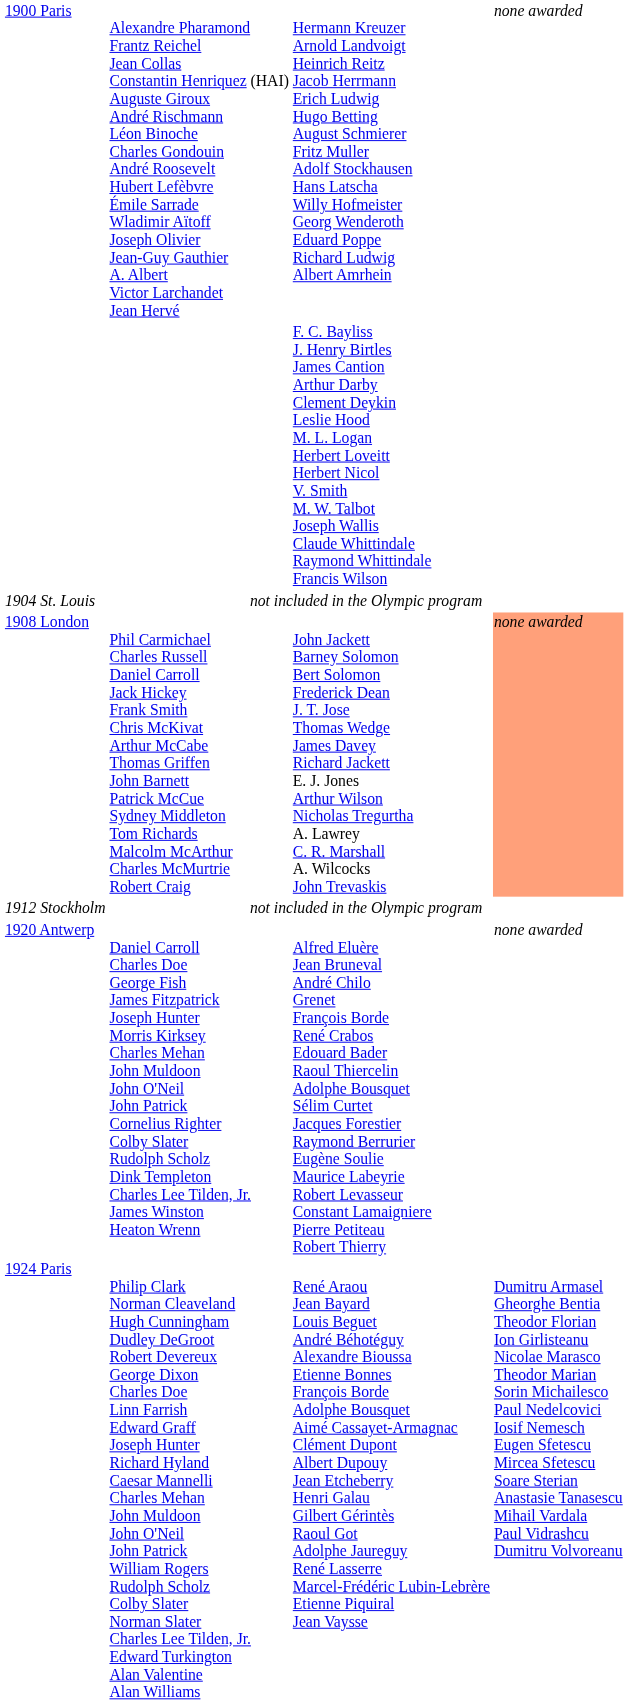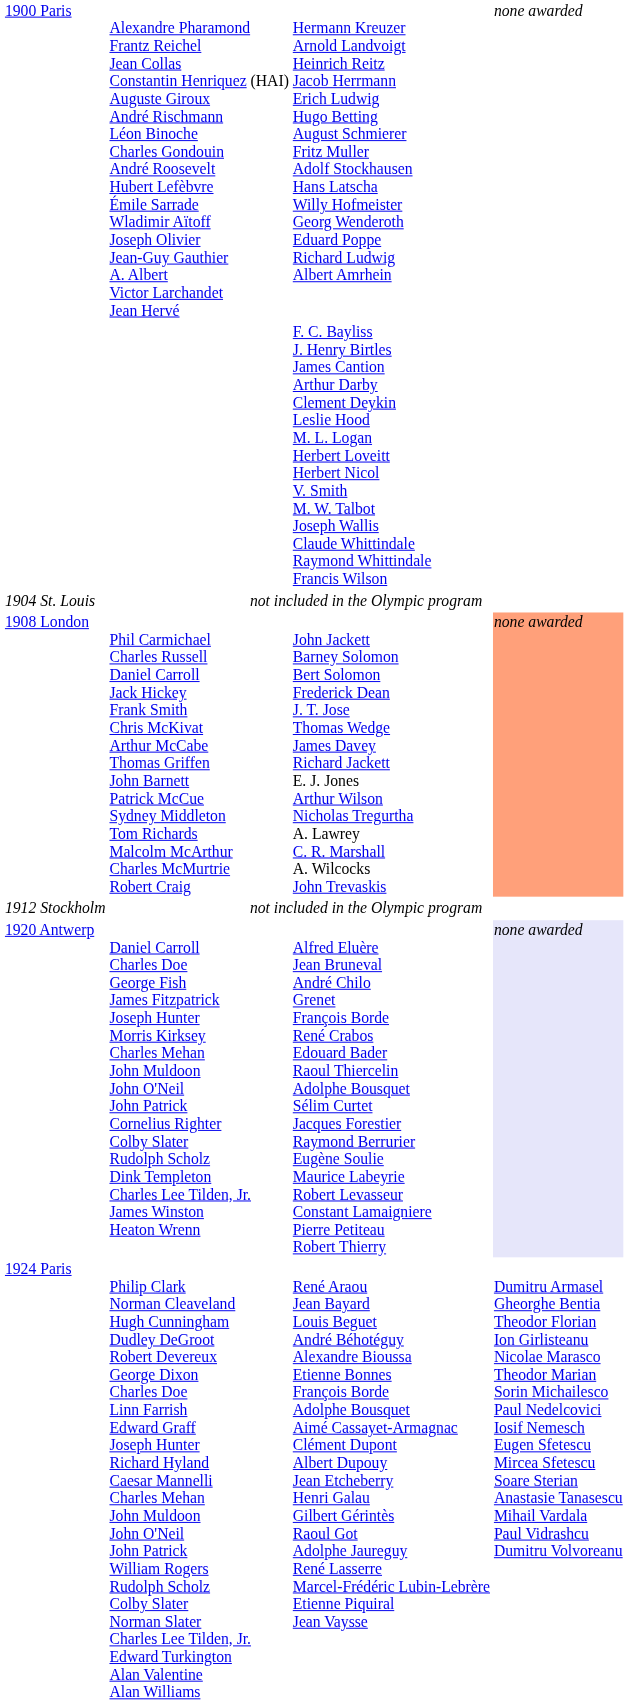 <table>
 <tr valign="top">
 <td rowspan=2><a href='#'>1900 Paris</a><br></td>
 <td rowspan=2 valign=top><br><a href='#'>Alexandre Pharamond</a><br><a href='#'>Frantz Reichel</a><br><a href='#'>Jean Collas</a><br><a href='#'>Constantin Henriquez</a> (HAI)<br><a href='#'>Auguste Giroux</a><br><a href='#'>André Rischmann</a><br><a href='#'>Léon Binoche</a><br><a href='#'>Charles Gondouin</a><br><a href='#'>André Roosevelt</a><br><a href='#'>Hubert Lefèbvre</a><br><a href='#'>Émile Sarrade</a><br><a href='#'>Wladimir Aïtoff</a><br><a href='#'>Joseph Olivier</a><br><a href='#'>Jean-Guy Gauthier</a><br><a href='#'>A. Albert</a><br><a href='#'>Victor Larchandet</a><br><a href='#'>Jean Hervé</a></td>
 <td valign=top><br><a href='#'>Hermann Kreuzer</a><br><a href='#'>Arnold Landvoigt</a><br><a href='#'>Heinrich Reitz</a><br><a href='#'>Jacob Herrmann</a><br><a href='#'>Erich Ludwig</a><br><a href='#'>Hugo Betting</a><br><a href='#'>August Schmierer</a><br><a href='#'>Fritz Muller</a><br><a href='#'>Adolf Stockhausen</a><br><a href='#'>Hans Latscha</a><br><a href='#'>Willy Hofmeister</a><br><a href='#'>Georg Wenderoth</a><br><a href='#'>Eduard Poppe</a><br><a href='#'>Richard Ludwig</a><br><a href='#'>Albert Amrhein</a></td>
 <td rowspan=2><em>none awarded</em></td>
 </tr>
 <tr valign="top">
 <td valign=top><br><br><a href='#'>F. C. Bayliss</a><br><a href='#'>J. Henry Birtles</a><br><a href='#'>James Cantion</a><br><a href='#'>Arthur Darby</a><br><a href='#'>Clement Deykin</a><br><a href='#'>Leslie Hood</a><br><a href='#'>M. L. Logan</a><br><a href='#'>Herbert Loveitt</a><br><a href='#'>Herbert Nicol</a><br><a href='#'>V. Smith</a><br><a href='#'>M. W. Talbot</a><br><a href='#'>Joseph Wallis</a><br><a href='#'>Claude Whittindale</a><br><a href='#'>Raymond Whittindale</a><br><a href='#'>Francis Wilson</a></td>
 </tr>
 <tr valign="top">
 <td><em>1904 St. Louis</em></td>
 <td colspan=3 align=center><em>not included in the Olympic program</em></td>
 </tr>
 <tr valign="top">
 <td><a href='#'>1908 London</a><br></td>
 <td valign=top><br><a href='#'>Phil Carmichael</a><br><a href='#'>Charles Russell</a><br><a href='#'>Daniel Carroll</a><br><a href='#'>Jack Hickey</a><br><a href='#'>Frank Smith</a><br><a href='#'>Chris McKivat</a><br><a href='#'>Arthur McCabe</a><br><a href='#'>Thomas Griffen</a><br><a href='#'>John Barnett</a><br><a href='#'>Patrick McCue</a><br><a href='#'>Sydney Middleton</a><br><a href='#'>Tom Richards</a><br><a href='#'>Malcolm McArthur</a><br><a href='#'>Charles McMurtrie</a><br><a href='#'>Robert Craig</a></td>
 <td valign=top><br><a href='#'>John Jackett</a><br><a href='#'>Barney Solomon</a><br><a href='#'>Bert Solomon</a><br><a href='#'>Frederick Dean</a><br><a href='#'>J. T. Jose</a><br><a href='#'>Thomas Wedge</a><br><a href='#'>James Davey</a><br><a href='#'>Richard Jackett</a><br>E. J. Jones<br><a href='#'>Arthur Wilson</a><br><a href='#'>Nicholas Tregurtha</a><br>A. Lawrey<br><a href='#'>C. R. Marshall</a><br>A. Wilcocks<br><a href='#'>John Trevaskis</a></td>
 <td style="background: lightsalmon;"><em>none awarded</em></td>
 </tr>
 <tr valign="top">
 <td><em>1912 Stockholm</em></td>
 <td colspan=3 align=center><em>not included in the Olympic program</em></td>
 </tr>
 <tr valign="top">
 <td><a href='#'>1920 Antwerp</a><br></td>
 <td valign=top><br><a href='#'>Daniel Carroll</a><br><a href='#'>Charles Doe</a><br><a href='#'>George Fish</a><br><a href='#'>James Fitzpatrick</a><br><a href='#'>Joseph Hunter</a><br><a href='#'>Morris Kirksey</a><br><a href='#'>Charles Mehan</a><br><a href='#'>John Muldoon</a><br><a href='#'>John O'Neil</a><br><a href='#'>John Patrick</a><br><a href='#'>Cornelius Righter</a><br><a href='#'>Colby Slater</a><br><a href='#'>Rudolph Scholz</a><br><a href='#'>Dink Templeton</a><br><a href='#'>Charles Lee Tilden, Jr.</a><br><a href='#'>James Winston</a><br><a href='#'>Heaton Wrenn</a></td>
 <td valign=top><br><a href='#'>Alfred Eluère</a><br><a href='#'>Jean Bruneval</a><br><a href='#'>André Chilo</a><br><a href='#'>Grenet</a><br><a href='#'>François Borde</a><br><a href='#'>René Crabos</a><br><a href='#'>Edouard Bader</a><br><a href='#'>Raoul Thiercelin</a><br><a href='#'>Adolphe Bousquet</a><br><a href='#'>Sélim Curtet</a><br><a href='#'>Jacques Forestier</a><br><a href='#'>Raymond Berrurier</a><br><a href='#'>Eugène Soulie</a><br><a href='#'>Maurice Labeyrie</a><br><a href='#'>Robert Levasseur</a><br><a href='#'>Constant Lamaigniere</a><br><a href='#'>Pierre Petiteau</a><br><a href='#'>Robert Thierry</a></td>
-<td><em>none awarded</em></td>
+<td style="background: lavender;"><em>none awarded</em></td>
 </tr>
 <tr valign="top">
 <td><a href='#'>1924 Paris</a><br></td>
 <td valign=top><br><a href='#'>Philip Clark</a><br><a href='#'>Norman Cleaveland</a><br><a href='#'>Hugh Cunningham</a><br><a href='#'>Dudley DeGroot</a><br><a href='#'>Robert Devereux</a><br><a href='#'>George Dixon</a><br><a href='#'>Charles Doe</a><br><a href='#'>Linn Farrish</a><br><a href='#'>Edward Graff</a><br><a href='#'>Joseph Hunter</a><br><a href='#'>Richard Hyland</a><br><a href='#'>Caesar Mannelli</a><br><a href='#'>Charles Mehan</a><br><a href='#'>John Muldoon</a><br><a href='#'>John O'Neil</a><br><a href='#'>John Patrick</a><br><a href='#'>William Rogers</a><br><a href='#'>Rudolph Scholz</a><br><a href='#'>Colby Slater</a><br><a href='#'>Norman Slater</a><br><a href='#'>Charles Lee Tilden, Jr.</a><br><a href='#'>Edward Turkington</a><br><a href='#'>Alan Valentine</a><br><a href='#'>Alan Williams</a></td>
 <td valign=top><br><a href='#'>René Araou</a><br><a href='#'>Jean Bayard</a><br><a href='#'>Louis Beguet</a><br><a href='#'>André Béhotéguy</a><br><a href='#'>Alexandre Bioussa</a><br><a href='#'>Etienne Bonnes</a><br><a href='#'>François Borde</a><br><a href='#'>Adolphe Bousquet</a><br><a href='#'>Aimé Cassayet-Armagnac</a><br><a href='#'>Clément Dupont</a><br><a href='#'>Albert Dupouy</a><br><a href='#'>Jean Etcheberry</a><br><a href='#'>Henri Galau</a><br><a href='#'>Gilbert Gérintès</a><br><a href='#'>Raoul Got</a><br><a href='#'>Adolphe Jaureguy</a><br><a href='#'>René Lasserre</a><br><a href='#'>Marcel-Frédéric Lubin-Lebrère</a><br><a href='#'>Etienne Piquiral</a><br><a href='#'>Jean Vaysse</a></td>
 <td valign=top><br><a href='#'>Dumitru Armasel</a><br><a href='#'>Gheorghe Bentia</a><br><a href='#'>Theodor Florian</a><br><a href='#'>Ion Girlisteanu</a><br><a href='#'>Nicolae Marasco</a><br><a href='#'>Theodor Marian</a><br><a href='#'>Sorin Michailesco</a><br><a href='#'>Paul Nedelcovici</a><br><a href='#'>Iosif Nemesch</a><br><a href='#'>Eugen Sfetescu</a><br><a href='#'>Mircea Sfetescu</a><br><a href='#'>Soare Sterian</a><br><a href='#'>Anastasie Tanasescu</a><br><a href='#'>Mihail Vardala</a><br><a href='#'>Paul Vidrashcu</a><br><a href='#'>Dumitru Volvoreanu</a></td>
 </tr>
 <tr valign="top">
 </tr>
 </table>
